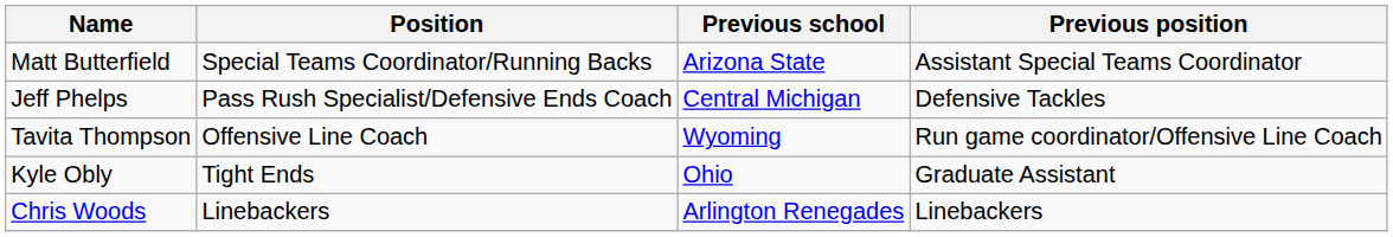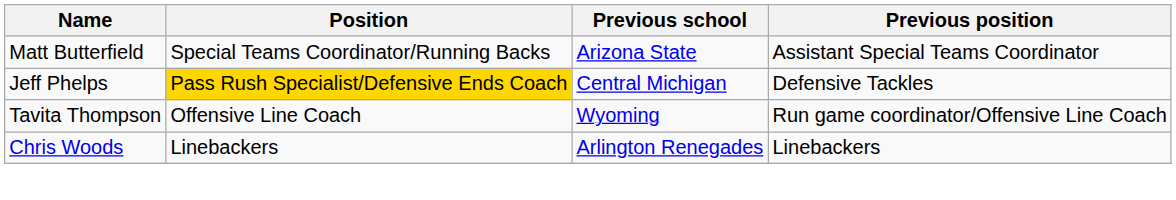 <table class="wikitable">
 <tr>
 <th style="text-align:center;">Name</th>
 <th style="text-align:center;">Position</th>
 <th style="text-align:center;">Previous school</th>
 <th style="text-align:center;">Previous position</th>
 </tr>
 <tr>
 <td>Matt Butterfield</td>
 <td>Special Teams Coordinator/Running Backs</td>
 <td><a href='#'>Arizona State</a></td>
 <td>Assistant Special Teams Coordinator</td>
 </tr>
 <tr>
 <td>Jeff Phelps</td>
-<td>Pass Rush Specialist/Defensive Ends Coach</td>
+<td style="background: gold;">Pass Rush Specialist/Defensive Ends Coach</td>
 <td><a href='#'>Central Michigan</a></td>
 <td>Defensive Tackles</td>
 </tr>
 <tr>
 <td>Tavita Thompson</td>
 <td>Offensive Line Coach</td>
 <td><a href='#'>Wyoming</a></td>
 <td>Run game coordinator/Offensive Line Coach</td>
 </tr>
 <tr>
-<td>Kyle Obly</td>
-<td>Tight Ends</td>
-<td><a href='#'>Ohio</a></td>
-<td>Graduate Assistant</td>
-</tr>
-<tr>
 <td><a href='#'>Chris Woods</a></td>
 <td>Linebackers</td>
 <td><a href='#'>Arlington Renegades</a></td>
 <td>Linebackers</td>
 </tr>
 <tr>
 </tr>
 </table>
